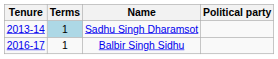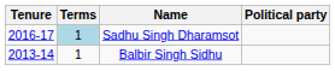 <table class="wikitable sortable">
 <tr>
 <th>Tenure</th>
 <th>Terms</th>
 <th>Name</th>
 <th colspan="2">Political party</th>
 </tr>
 <tr align="center">
-<td><a href='#'>2013-14</a></td>
+<td><a href='#'>2016-17</a></td>
 <td style="background: lightblue;">1</td>
 <td><a href='#'>Sadhu Singh Dharamsot</a></td>
 <td></td>
 </tr>
 <tr align="center">
-<td><a href='#'>2016-17</a></td>
+<td><a href='#'>2013-14</a></td>
 <td>1</td>
 <td><a href='#'>Balbir Singh Sidhu</a></td>
 <td></td>
 </tr>
 </table>
